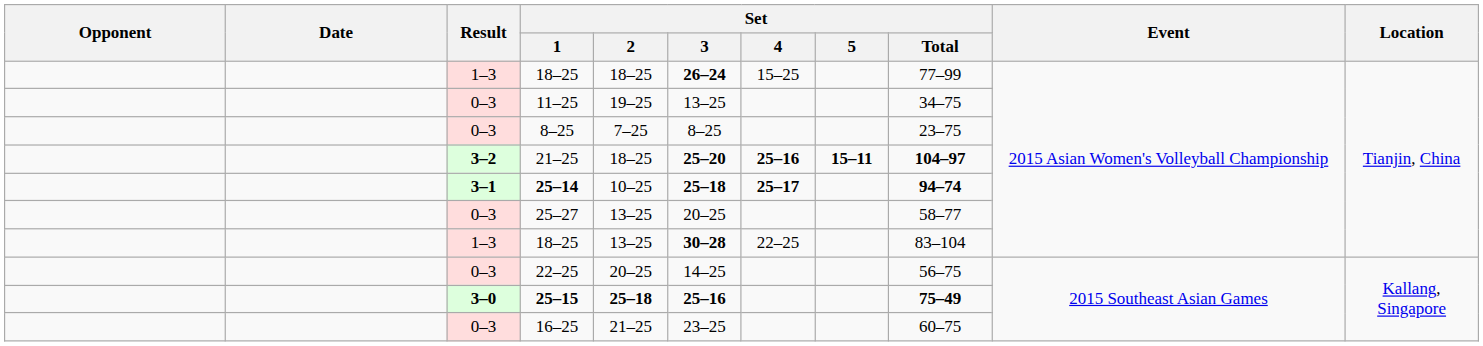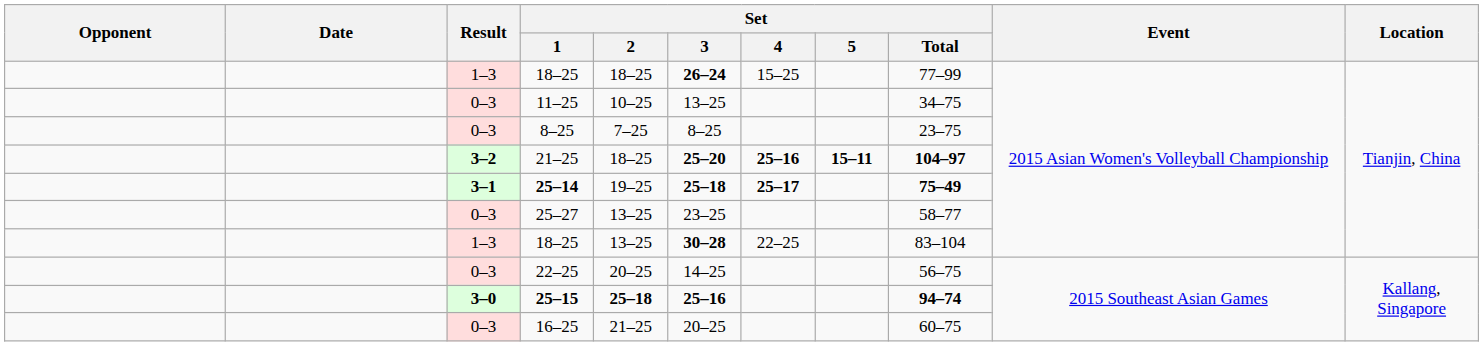 <table class="wikitable" style="font-size: 90%">
 <tr>
 <th rowspan=2 width=15%>Opponent</th>
 <th rowspan=2 width=15%>Date</th>
 <th rowspan=2 width=5%>Result</th>
 <th colspan=6>Set</th>
 <th rowspan=2 width=24%>Event</th>
 <th rowspan=2 width=16%>Location</th>
 </tr>
 <tr>
 <th width=5%>1</th>
 <th width=5%>2</th>
 <th width=5%>3</th>
 <th width=5%>4</th>
 <th width=5%>5</th>
 <th width=7%>Total</th>
 </tr>
 <tr style="text-align:center;">
 <td style="text-align:left;"></td>
 <td></td>
 <td style="background:#ffdddd;">1–3</td>
 <td>18–25</td>
 <td>18–25</td>
 <td><strong>26–24</strong></td>
 <td>15–25</td>
 <td></td>
 <td>77–99</td>
 <td rowspan=7><a href='#'>2015 Asian Women's Volleyball Championship</a></td>
 <td rowspan=7><a href='#'>Tianjin</a>, <a href='#'>China</a></td>
 </tr>
 <tr style="text-align:center;">
 <td style="text-align:left;"></td>
 <td></td>
 <td style="background:#ffdddd;">0–3</td>
 <td>11–25</td>
-<td>19–25</td>
+<td>10–25</td>
 <td>13–25</td>
 <td></td>
 <td></td>
 <td>34–75</td>
 </tr>
 <tr style="text-align:center;">
 <td style="text-align:left;"></td>
 <td></td>
 <td style="background:#ffdddd;">0–3</td>
 <td>8–25</td>
 <td>7–25</td>
 <td>8–25</td>
 <td></td>
 <td></td>
 <td>23–75</td>
 </tr>
 <tr style="text-align:center;">
 <td style="text-align:left;"></td>
 <td></td>
 <td style="background:#ddffdd;"><strong>3–2</strong></td>
 <td>21–25</td>
 <td>18–25</td>
 <td><strong>25–20</strong></td>
 <td><strong>25–16</strong></td>
 <td><strong>15–11</strong></td>
 <td><strong>104–97</strong></td>
 </tr>
 <tr style="text-align:center;">
 <td style="text-align:left;"></td>
 <td></td>
 <td style="background:#ddffdd;"><strong>3–1</strong></td>
 <td><strong>25–14</strong></td>
-<td>10–25</td>
+<td>19–25</td>
 <td><strong>25–18</strong></td>
 <td><strong>25–17</strong></td>
 <td></td>
-<td><strong>94–74</strong></td>
+<td><strong>75–49</strong></td>
 </tr>
 <tr style="text-align:center;">
 <td style="text-align:left;"></td>
 <td></td>
 <td style="background:#ffdddd;">0–3</td>
 <td>25–27</td>
 <td>13–25</td>
-<td>20–25</td>
+<td>23–25</td>
 <td></td>
 <td></td>
 <td>58–77</td>
 </tr>
 <tr style="text-align:center;">
 <td style="text-align:left;"></td>
 <td></td>
 <td style="background:#ffdddd;">1–3</td>
 <td>18–25</td>
 <td>13–25</td>
 <td><strong>30–28</strong></td>
 <td>22–25</td>
 <td></td>
 <td>83–104</td>
 </tr>
 <tr style="text-align:center;">
 <td style="text-align:left;"></td>
 <td></td>
 <td style="background:#ffdddd;">0–3</td>
 <td>22–25</td>
 <td>20–25</td>
 <td>14–25</td>
 <td></td>
 <td></td>
 <td>56–75</td>
 <td rowspan=3><a href='#'>2015 Southeast Asian Games</a></td>
 <td rowspan=3><a href='#'>Kallang</a>, <a href='#'>Singapore</a></td>
 </tr>
 <tr style="text-align:center;">
 <td style="text-align:left;"></td>
 <td></td>
 <td style="background:#ddffdd;"><strong>3–0</strong></td>
 <td><strong>25–15</strong></td>
 <td><strong>25–18</strong></td>
 <td><strong>25–16</strong></td>
 <td></td>
 <td></td>
-<td><strong>75–49</strong></td>
+<td><strong>94–74</strong></td>
 </tr>
 <tr style="text-align:center;">
 <td style="text-align:left;"></td>
 <td></td>
 <td style="background:#ffdddd;">0–3</td>
 <td>16–25</td>
 <td>21–25</td>
-<td>23–25</td>
+<td>20–25</td>
 <td></td>
 <td></td>
 <td>60–75</td>
 </tr>
 </table>
